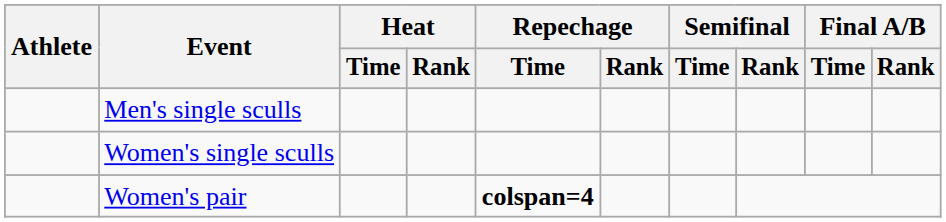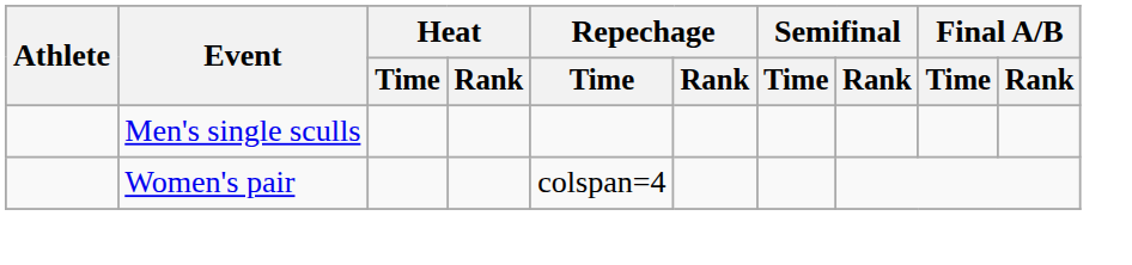 <table class=wikitable style=font-size:90%;text-align:center>
 <tr>
 <th rowspan=2>Athlete</th>
 <th rowspan=2>Event</th>
 <th colspan=2>Heat</th>
 <th colspan=2>Repechage</th>
 <th colspan=2>Semifinal</th>
 <th colspan=2>Final A/B</th>
 </tr>
 <tr style=font-size:95%>
 <th>Time</th>
 <th>Rank</th>
 <th>Time</th>
 <th>Rank</th>
 <th>Time</th>
 <th>Rank</th>
 <th>Time</th>
 <th>Rank</th>
 </tr>
 <tr>
 <td align=left></td>
 <td align=left><a href='#'>Men's single sculls</a></td>
 <td></td>
 <td></td>
 <td></td>
 <td></td>
 <td></td>
 <td></td>
 <td></td>
 <td></td>
 </tr>
 <tr>
 <td align=left></td>
-<td align=left><a href='#'>Women's single sculls</a></td>
-<td></td>
-<td></td>
-<td></td>
-<td></td>
-<td></td>
-<td></td>
-<td></td>
-<td></td>
-</tr>
-<tr>
-<td align=left></td>
 <td align=left><a href='#'>Women's pair</a></td>
 <td></td>
 <td></td>
-<td><strong>colspan=4 </strong></td>
+<td>colspan=4 </td>
 <td></td>
 <td></td>
 </tr>
 </table>
